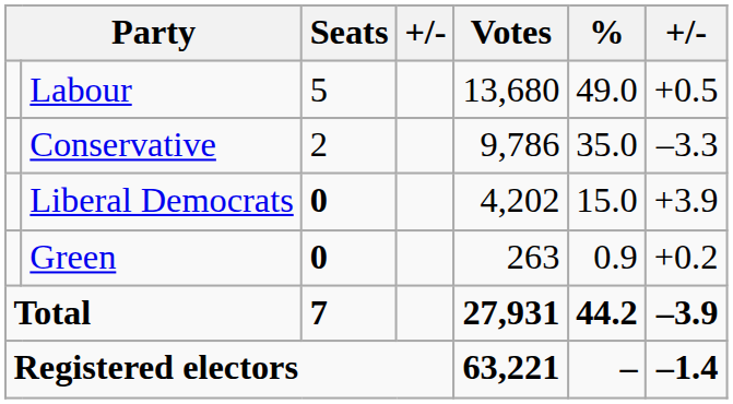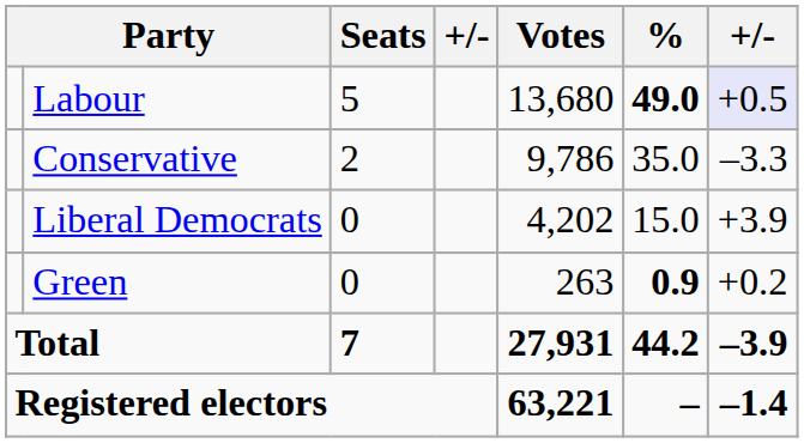 <table class="wikitable sortable">
 <tr>
 <th colspan="2">Party</th>
 <th>Seats</th>
 <th>+/-</th>
 <th>Votes</th>
 <th>%</th>
 <th>+/-</th>
 </tr>
 <tr>
 <td style="background-color: "></td>
 <td><a href='#'>Labour</a></td>
 <td>5</td>
 <td></td>
 <td style="text-align:right;">13,680</td>
-<td style="text-align:right;">49.0</td>
-<td style="text-align:right;">+0.5</td>
+<td style="text-align:right;"><strong>49.0</strong></td>
+<td style="background: lavender; text-align:right;">+0.5</td>
 </tr>
 <tr>
 <td style="background-color: "></td>
 <td><a href='#'>Conservative</a></td>
 <td>2</td>
 <td></td>
 <td style="text-align:right;">9,786</td>
 <td style="text-align:right;">35.0</td>
 <td style="text-align:right;">–3.3</td>
 </tr>
 <tr>
 <td style="background-color: "></td>
 <td><a href='#'>Liberal Democrats</a></td>
-<td><strong>0</strong></td>
+<td>0</td>
 <td></td>
 <td style="text-align:right;">4,202</td>
 <td style="text-align:right;">15.0</td>
 <td style="text-align:right;">+3.9</td>
 </tr>
 <tr>
 <td style="background-color: "></td>
 <td><a href='#'>Green</a></td>
-<td><strong>0</strong></td>
+<td>0</td>
 <td></td>
 <td style="text-align:right;">263</td>
-<td style="text-align:right;">0.9</td>
+<td style="text-align:right;"><strong>0.9</strong></td>
 <td style="text-align:right;">+0.2</td>
 </tr>
 <tr>
 <td colspan="2"><strong>Total</strong></td>
 <td><strong>7</strong></td>
 <td></td>
 <td style="text-align:right;"><strong>27,931</strong></td>
 <td style="text-align:right;"><strong>44.2</strong></td>
 <td style="text-align:right;"><strong>–3.9</strong></td>
 </tr>
 <tr>
 <td colspan="4"><strong>Registered electors</strong></td>
 <td style="text-align:right;"><strong>63,221</strong></td>
 <td style="text-align:right;"><strong>–</strong></td>
 <td style="text-align:right;"><strong>–1.4</strong></td>
 </tr>
 </table>
